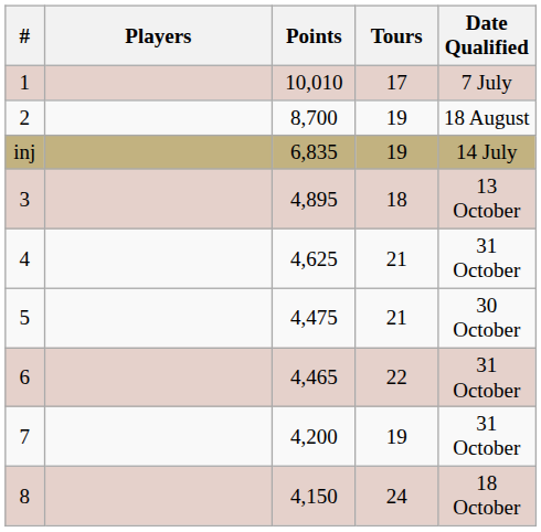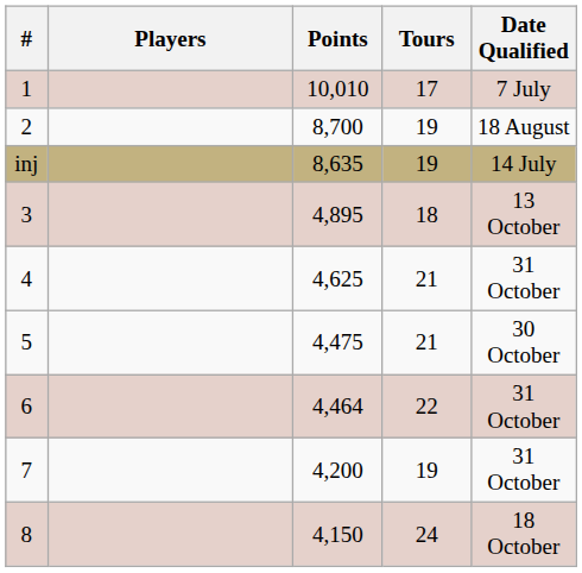 <table class="sortable wikitable" style="float:right;margin-left:1em;text-align:center;font-size:90%;text:justify;">
 <tr>
 <th width=20>#</th>
 <th width=150>Players</th>
 <th width=50>Points</th>
 <th width=50>Tours</th>
 <th width=60>Date Qualified</th>
 </tr>
 <tr style="text-align:center; background:#e5d1cb;">
 <td>1</td>
 <td align=left></td>
 <td>10,010</td>
 <td>17</td>
 <td>7 July</td>
 </tr>
 <tr>
 <td>2</td>
 <td align=left></td>
 <td>8,700</td>
 <td>19</td>
 <td>18 August</td>
 </tr>
 <tr style="text-align:center; background:#c2b280;">
 <td>inj</td>
 <td align=left></td>
-<td>6,835</td>
+<td>8,635</td>
 <td>19</td>
 <td>14 July</td>
 </tr>
 <tr style="text-align:center; background:#e5d1cb;">
 <td>3</td>
 <td align=left></td>
 <td>4,895</td>
 <td>18</td>
 <td>13 October</td>
 </tr>
 <tr>
 <td>4</td>
 <td align=left></td>
 <td>4,625</td>
 <td>21</td>
 <td>31 October</td>
 </tr>
 <tr align=center>
 <td>5</td>
 <td align=left></td>
 <td>4,475</td>
 <td>21</td>
 <td>30 October</td>
 </tr>
 <tr style="text-align:center; background:#e5d1cb;">
 <td>6</td>
 <td align=left></td>
-<td>4,465</td>
+<td>4,464</td>
 <td>22</td>
 <td>31 October</td>
 </tr>
 <tr align=center>
 <td>7</td>
 <td align=left></td>
 <td>4,200</td>
 <td>19</td>
 <td>31 October</td>
 </tr>
 <tr style="text-align:center; background:#e5d1cb;">
 <td>8</td>
 <td align=left></td>
 <td>4,150</td>
 <td>24</td>
 <td>18 October</td>
 </tr>
 </table>
